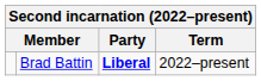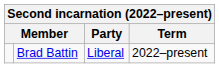 <table class="wikitable">
 <tr>
 <th colspan="4">Second incarnation (2022–present)</th>
 </tr>
 <tr>
 <th colspan="2">Member</th>
 <th>Party</th>
 <th>Term</th>
 </tr>
 <tr>
 <td> </td>
 <td><a href='#'>Brad Battin</a></td>
-<td><strong><a href='#'>Liberal</a></strong></td>
+<td><a href='#'>Liberal</a></td>
 <td>2022–present</td>
 </tr>
 </table>
